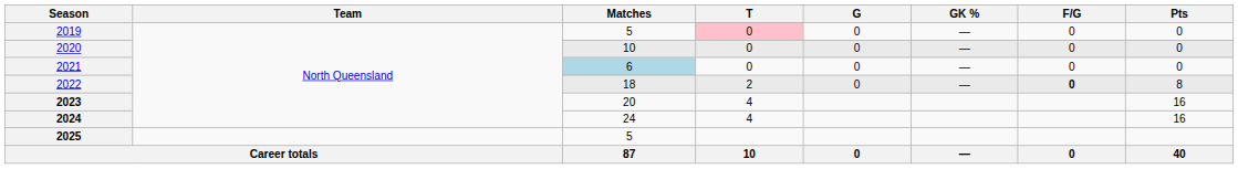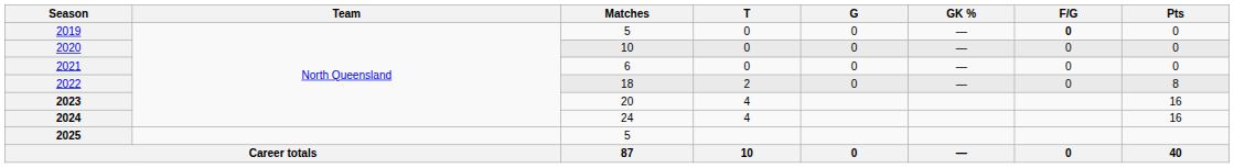 <table class="wikitable sortable"  style="font-size:90%; text-align:center; width:80%;">
 <tr>
 <th width=2%>Season</th>
 <th width=8%>Team</th>
 <th width=2%>Matches</th>
 <th width=2%>T</th>
 <th width=2%>G</th>
 <th width=2%>GK %</th>
 <th width=2%>F/G</th>
 <th width=2%>Pts</th>
 </tr>
 <tr>
 <th scope="row" style="text-align:center; font-weight:normal"><a href='#'>2019</a></th>
 <td rowspan="6" style="text-align:center;"> <a href='#'>North Queensland</a></td>
 <td>5</td>
-<td style="background: pink;">0</td>
+<td>0</td>
 <td>0</td>
 <td>—</td>
-<td>0</td>
+<td><strong>0</strong></td>
 <td>0</td>
 </tr>
 <tr style="background:#eaeaea;">
 <th scope="row" style="text-align:center; font-weight:normal"><a href='#'>2020</a></th>
 <td>10</td>
 <td>0</td>
 <td>0</td>
 <td>—</td>
 <td>0</td>
 <td>0</td>
 </tr>
 <tr>
 <th scope="row" style="text-align:center; font-weight:normal"><a href='#'>2021</a></th>
-<td style="background: lightblue;">6</td>
+<td>6</td>
 <td>0</td>
 <td>0</td>
 <td>—</td>
 <td>0</td>
 <td>0</td>
 </tr>
 <tr style="background:#eaeaea;">
 <th scope="row" style="text-align:center; font-weight:normal"><a href='#'>2022</a></th>
 <td>18</td>
 <td>2</td>
 <td>0</td>
 <td>—</td>
-<td><strong>0</strong></td>
+<td>0</td>
 <td>8</td>
 </tr>
 <tr>
 <th>2023</th>
 <td>20</td>
 <td>4</td>
 <td></td>
 <td></td>
 <td></td>
 <td>16</td>
 </tr>
 <tr>
 <th>2024</th>
 <td>24</td>
 <td>4</td>
 <td></td>
 <td></td>
 <td></td>
 <td>16</td>
 </tr>
 <tr>
 <th>2025</th>
 <td></td>
 <td>5</td>
 <td></td>
 <td></td>
 <td></td>
 <td></td>
 <td></td>
 </tr>
 <tr class="sortbottom">
 <th colspan="2">Career totals</th>
 <th>87</th>
 <th>10</th>
 <th>0</th>
 <th>—</th>
 <th>0</th>
 <th>40</th>
 </tr>
 </table>
